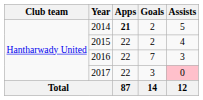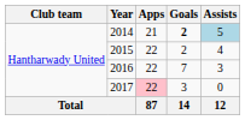 <table class=wikitable style="text-align: center;">
 <tr>
 <th>Club team</th>
 <th>Year</th>
 <th>Apps</th>
 <th>Goals</th>
 <th>Assists</th>
 </tr>
 <tr>
 <td rowspan=4><a href='#'>Hantharwady United</a></td>
 <td>2014</td>
-<td><strong>21</strong></td>
-<td>2</td>
-<td>5</td>
+<td>21</td>
+<td><strong>2</strong></td>
+<td style="background: lightblue;">5</td>
 </tr>
 <tr>
 <td>2015</td>
 <td>22</td>
 <td>2</td>
 <td>4</td>
 </tr>
 <tr>
 <td>2016</td>
 <td>22</td>
 <td>7</td>
 <td>3</td>
 </tr>
 <tr>
 <td>2017</td>
-<td>22</td>
+<td style="background: pink;">22</td>
 <td>3</td>
-<td style="background: pink;">0</td>
+<td>0</td>
 </tr>
 <tr>
 <th colspan=2>Total</th>
 <th>87</th>
 <th>14</th>
 <th>12</th>
 </tr>
 </table>
